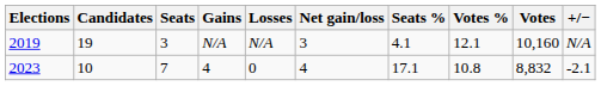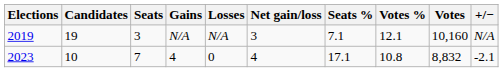 <table class="wikitable">
 <tr>
 <th>Elections</th>
 <th>Candidates</th>
 <th>Seats</th>
 <th>Gains</th>
 <th>Losses</th>
 <th>Net gain/loss</th>
 <th>Seats %</th>
 <th>Votes %</th>
 <th>Votes</th>
 <th>+/−</th>
 </tr>
 <tr>
 <td><a href='#'>2019</a></td>
 <td>19</td>
 <td>3</td>
 <td><em>N/A</em></td>
 <td><em>N/A</em></td>
 <td>3</td>
-<td>4.1</td>
+<td>7.1</td>
 <td>12.1</td>
 <td>10,160</td>
 <td><em>N/A</em></td>
 </tr>
 <tr>
 <td><a href='#'>2023</a></td>
 <td>10</td>
 <td>7</td>
 <td>4</td>
 <td>0</td>
 <td>4</td>
 <td>17.1</td>
 <td>10.8</td>
 <td>8,832</td>
 <td>-2.1</td>
 </tr>
 </table>
